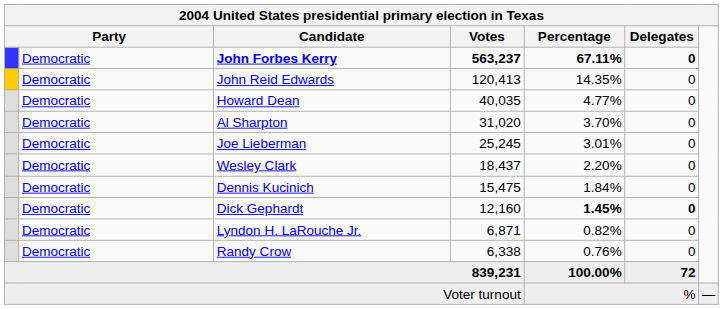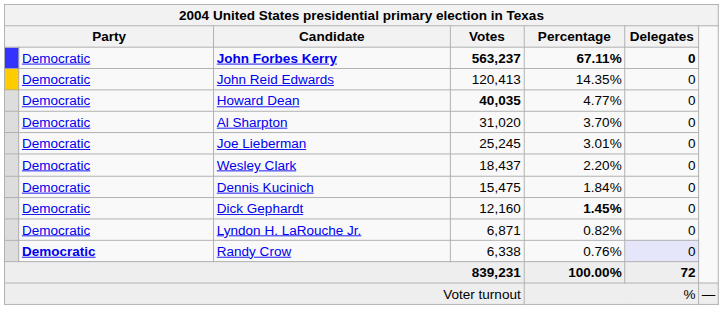 <table class="wikitable" style="font-size:95%;">
 <tr>
 <th colspan="7">2004 United States presidential primary election in Texas</th>
 </tr>
 <tr>
 <th colspan="2" style="width: 15em">Party</th>
 <th style="width: 17em">Candidate</th>
 <th style="width: 5em">Votes</th>
 <th style="width: 7em">Percentage</th>
 <th style="width: 5em">Delegates</th>
 </tr>
 <tr>
 <th style="background-color:#3333FF; width: 3px"></th>
 <td style="width: 130px"><a href='#'>Democratic</a></td>
 <td><strong><a href='#'>John Forbes Kerry</a></strong></td>
 <td align="right"><strong>563,237</strong></td>
 <td align="right"><strong>67.11%</strong></td>
 <td align="right"><strong>0</strong></td>
 </tr>
 <tr>
 <th style="background-color:#FFCC00; width: 3px"></th>
 <td style="width: 130px"><a href='#'>Democratic</a></td>
 <td><a href='#'>John Reid Edwards</a></td>
 <td align="right">120,413</td>
 <td align="right">14.35%</td>
 <td align="right">0</td>
 </tr>
 <tr>
 <th style="background-color:#DDDDDD; width: 3px"></th>
 <td style="width: 130px"><a href='#'>Democratic</a></td>
 <td><a href='#'>Howard Dean</a></td>
-<td align="right">40,035</td>
+<td align="right"><strong>40,035</strong></td>
 <td align="right">4.77%</td>
 <td align="right">0</td>
 </tr>
 <tr>
 <th style="background-color:#DDDDDD; width: 3px"></th>
 <td style="width: 130px"><a href='#'>Democratic</a></td>
 <td><a href='#'>Al Sharpton</a></td>
 <td align="right">31,020</td>
 <td align="right">3.70%</td>
 <td align="right">0</td>
 </tr>
 <tr>
 <th style="background-color:#DDDDDD; width: 3px"></th>
 <td style="width: 130px"><a href='#'>Democratic</a></td>
 <td><a href='#'>Joe Lieberman</a></td>
 <td align="right">25,245</td>
 <td align="right">3.01%</td>
 <td align="right">0</td>
 </tr>
 <tr>
 <th style="background-color:#DDDDDD; width: 3px"></th>
 <td style="width: 130px"><a href='#'>Democratic</a></td>
 <td><a href='#'>Wesley Clark</a></td>
 <td align="right">18,437</td>
 <td align="right">2.20%</td>
 <td align="right">0</td>
 </tr>
 <tr>
 <th style="background-color:#DDDDDD; width: 3px"></th>
 <td style="width: 130px"><a href='#'>Democratic</a></td>
 <td><a href='#'>Dennis Kucinich</a></td>
 <td align="right">15,475</td>
 <td align="right">1.84%</td>
 <td align="right">0</td>
 </tr>
 <tr>
 <th style="background-color:#DDDDDD; width: 3px"></th>
 <td style="width: 130px"><a href='#'>Democratic</a></td>
 <td><a href='#'>Dick Gephardt</a></td>
 <td align="right">12,160</td>
 <td align="right"><strong>1.45%</strong></td>
-<td align="right"><strong>0</strong></td>
+<td align="right">0</td>
 </tr>
 <tr>
 <th style="background-color:#DDDDDD; width: 3px"></th>
 <td style="width: 130px"><a href='#'>Democratic</a></td>
 <td><a href='#'>Lyndon H. LaRouche Jr.</a></td>
 <td align="right">6,871</td>
 <td align="right">0.82%</td>
 <td align="right">0</td>
 </tr>
 <tr>
 <th style="background-color:#DDDDDD; width: 3px"></th>
-<td style="width: 130px"><a href='#'>Democratic</a></td>
+<td style="width: 130px"><strong><a href='#'>Democratic</a></strong></td>
 <td><a href='#'>Randy Crow</a></td>
 <td align="right">6,338</td>
 <td align="right">0.76%</td>
-<td align="right">0</td>
+<td align="right" style="background: lavender;">0</td>
 </tr>
 <tr bgcolor="#EEEEEE">
 <td colspan="4" align="right"><strong>839,231</strong></td>
 <td align="right"><strong>100.00%</strong></td>
 <td align="right"><strong>72</strong></td>
 </tr>
 <tr bgcolor="#EEEEEE">
 <td colspan="4" align="right">Voter turnout</td>
 <td colspan="2" align="right">%</td>
 <td align="right">—</td>
 </tr>
 </table>
